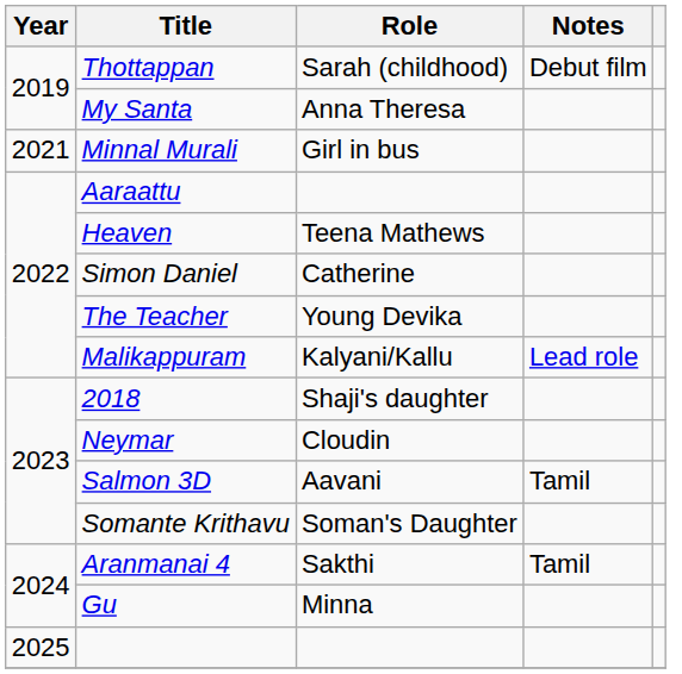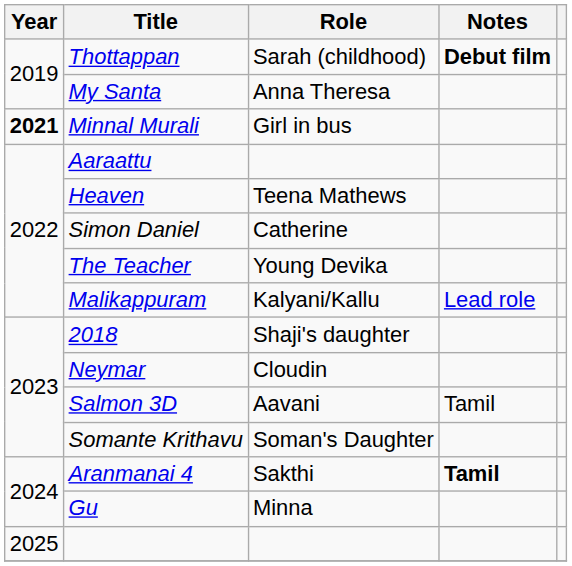 <table class="wikitable sortable">
 <tr>
 <th scope="col">Year</th>
 <th scope="col">Title</th>
 <th scope="col">Role</th>
 <th scope="col" class="unsortable">Notes</th>
 <th scope="col" class="unsortable"></th>
 </tr>
 <tr>
 <td rowspan="2">2019</td>
 <td><em><a href='#'>Thottappan</a></em></td>
 <td>Sarah (childhood)</td>
-<td>Debut film</td>
+<td><strong>Debut film</strong></td>
 <td></td>
 </tr>
 <tr>
 <td><em><a href='#'>My Santa</a></em></td>
 <td>Anna Theresa</td>
 <td></td>
 <td></td>
 </tr>
 <tr>
-<td>2021</td>
+<td><strong>2021</strong></td>
 <td><em><a href='#'>Minnal Murali</a></em></td>
 <td>Girl in bus</td>
 <td></td>
 <td></td>
 </tr>
 <tr>
 <td rowspan="5">2022</td>
 <td><a href='#'><em>Aaraattu</em></a></td>
 <td></td>
 <td></td>
 <td></td>
 </tr>
 <tr>
 <td><em><a href='#'>Heaven</a></em></td>
 <td>Teena Mathews</td>
 <td></td>
 <td></td>
 </tr>
 <tr>
 <td><em>Simon Daniel</em></td>
 <td>Catherine</td>
 <td></td>
 <td></td>
 </tr>
 <tr>
 <td><em><a href='#'>The Teacher</a></em></td>
 <td>Young Devika</td>
 <td></td>
 <td></td>
 </tr>
 <tr>
 <td><em><a href='#'>Malikappuram</a></em></td>
 <td>Kalyani/Kallu</td>
 <td><a href='#'>Lead role</a></td>
 <td></td>
 </tr>
 <tr>
 <td rowspan=4>2023</td>
 <td><em><a href='#'>2018</a></em></td>
 <td>Shaji's daughter</td>
 <td></td>
 <td></td>
 </tr>
 <tr>
 <td><em><a href='#'>Neymar</a></em></td>
 <td>Cloudin</td>
 <td></td>
 <td></td>
 </tr>
 <tr>
 <td><em><a href='#'>Salmon 3D</a></em></td>
 <td>Aavani</td>
 <td>Tamil</td>
 <td></td>
 </tr>
 <tr>
 <td><em>Somante Krithavu</em></td>
 <td>Soman's Daughter</td>
 <td></td>
 <td></td>
 </tr>
 <tr>
 <td rowspan=2>2024</td>
 <td><em><a href='#'>Aranmanai 4</a></em></td>
 <td>Sakthi</td>
-<td>Tamil</td>
+<td><strong>Tamil</strong></td>
 <td></td>
 </tr>
 <tr>
 <td><em><a href='#'>Gu</a></em></td>
 <td>Minna</td>
 <td></td>
 <td></td>
 </tr>
 <tr>
 <td>2025</td>
 <td></td>
 <td></td>
 <td></td>
 <td></td>
 </tr>
 <tr>
 </tr>
 </table>
